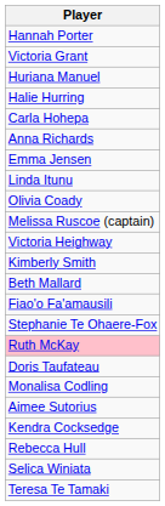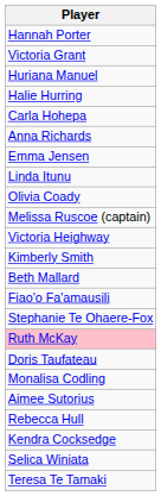 <table class="wikitable">
 <tr>
 <th>Player</th>
 </tr>
 <tr>
 <td><a href='#'>Hannah Porter</a></td>
 </tr>
 <tr>
 <td><a href='#'>Victoria Grant</a></td>
 </tr>
 <tr>
 <td><a href='#'>Huriana Manuel</a></td>
 </tr>
 <tr>
 <td><a href='#'>Halie Hurring</a></td>
 </tr>
 <tr>
 <td><a href='#'>Carla Hohepa</a></td>
 </tr>
 <tr>
 <td><a href='#'>Anna Richards</a></td>
 </tr>
 <tr>
 <td><a href='#'>Emma Jensen</a></td>
 </tr>
 <tr>
 <td><a href='#'>Linda Itunu</a></td>
 </tr>
 <tr>
 <td><a href='#'>Olivia Coady</a></td>
 </tr>
 <tr>
 <td><a href='#'>Melissa Ruscoe</a> (captain)</td>
 </tr>
 <tr>
 <td><a href='#'>Victoria Heighway</a></td>
 </tr>
 <tr>
 <td><a href='#'>Kimberly Smith</a></td>
 </tr>
 <tr>
 <td><a href='#'>Beth Mallard</a></td>
 </tr>
 <tr>
 <td><a href='#'>Fiao'o Fa'amausili</a></td>
 </tr>
 <tr>
 <td><a href='#'>Stephanie Te Ohaere-Fox</a></td>
 </tr>
 <tr>
 <td style="background: pink;"><a href='#'>Ruth McKay</a></td>
 </tr>
 <tr>
 <td><a href='#'>Doris Taufateau</a></td>
 </tr>
 <tr>
 <td><a href='#'>Monalisa Codling</a></td>
 </tr>
 <tr>
 <td><a href='#'>Aimee Sutorius</a></td>
 </tr>
 <tr>
-<td><a href='#'>Kendra Cocksedge</a></td>
+<td><a href='#'>Rebecca Hull</a></td>
 </tr>
 <tr>
-<td><a href='#'>Rebecca Hull</a></td>
+<td><a href='#'>Kendra Cocksedge</a></td>
 </tr>
 <tr>
 <td><a href='#'>Selica Winiata</a></td>
 </tr>
 <tr>
 <td><a href='#'>Teresa Te Tamaki</a></td>
 </tr>
 </table>
